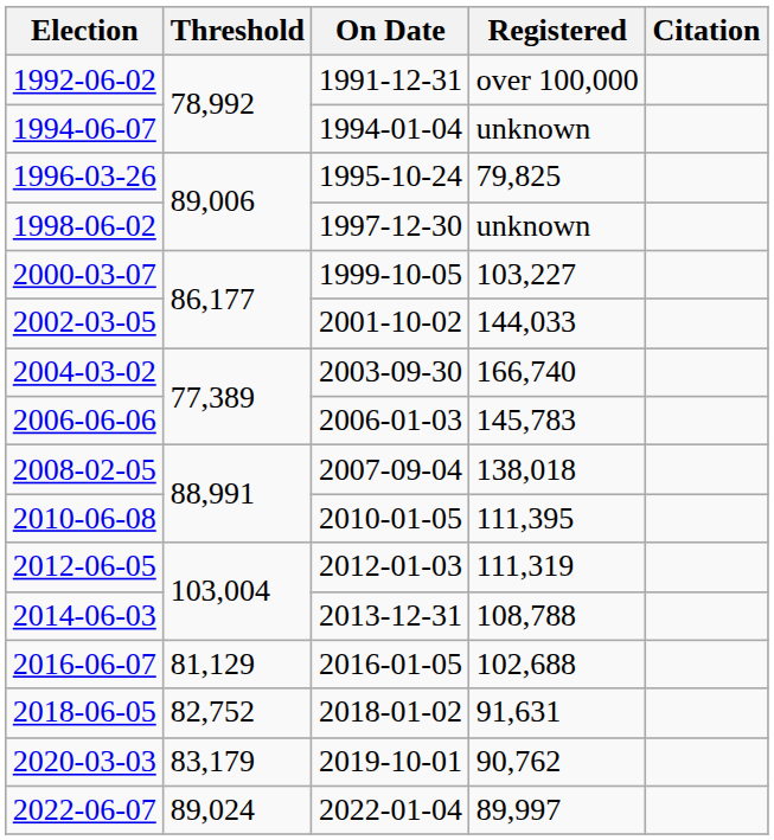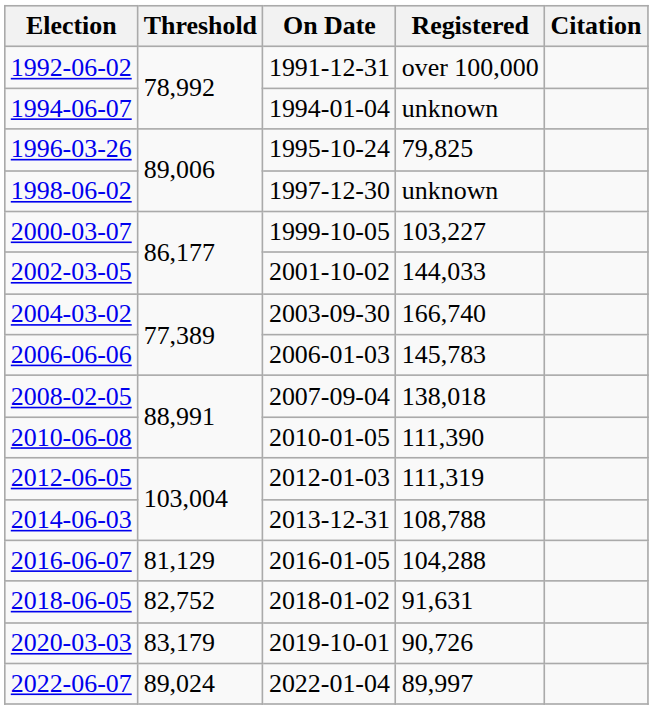 <table class="wikitable" style="float:left; margin-block:0.5em; margin-inline-end:1em">
 <tr>
 <th>Election</th>
 <th>Threshold</th>
 <th>On Date</th>
 <th>Registered</th>
 <th>Citation</th>
 </tr>
 <tr>
 <td><a href='#'>1992-06-02</a></td>
 <td rowspan=2>78,992</td>
 <td>1991-12-31</td>
 <td>over 100,000</td>
 <td></td>
 </tr>
 <tr>
 <td><a href='#'>1994-06-07</a></td>
 <td>1994-01-04</td>
 <td>unknown</td>
 <td></td>
 </tr>
 <tr>
 <td><a href='#'>1996-03-26</a></td>
 <td rowspan=2>89,006</td>
 <td>1995-10-24</td>
 <td>79,825</td>
 <td></td>
 </tr>
 <tr>
 <td><a href='#'>1998-06-02</a></td>
 <td>1997-12-30</td>
 <td>unknown</td>
 <td></td>
 </tr>
 <tr>
 <td><a href='#'>2000-03-07</a></td>
 <td rowspan=2>86,177</td>
 <td>1999-10-05</td>
 <td>103,227</td>
 <td></td>
 </tr>
 <tr>
 <td><a href='#'>2002-03-05</a></td>
 <td>2001-10-02</td>
 <td>144,033</td>
 <td></td>
 </tr>
 <tr>
 <td><a href='#'>2004-03-02</a></td>
 <td rowspan=2>77,389</td>
 <td>2003-09-30</td>
 <td>166,740</td>
 <td></td>
 </tr>
 <tr>
 <td><a href='#'>2006-06-06</a></td>
 <td>2006-01-03</td>
 <td>145,783</td>
 <td></td>
 </tr>
 <tr>
 <td><a href='#'>2008-02-05</a></td>
 <td rowspan=2>88,991</td>
 <td>2007-09-04</td>
 <td>138,018</td>
 <td></td>
 </tr>
 <tr>
 <td><a href='#'>2010-06-08</a></td>
 <td>2010-01-05</td>
-<td>111,395</td>
+<td>111,390</td>
 <td></td>
 </tr>
 <tr>
 <td><a href='#'>2012-06-05</a></td>
 <td rowspan=2>103,004</td>
 <td>2012-01-03</td>
 <td>111,319</td>
 <td></td>
 </tr>
 <tr>
 <td><a href='#'>2014-06-03</a></td>
 <td>2013-12-31</td>
 <td>108,788</td>
 <td></td>
 </tr>
 <tr>
 <td><a href='#'>2016-06-07</a></td>
 <td>81,129</td>
 <td>2016-01-05</td>
-<td>102,688</td>
+<td>104,288</td>
 <td></td>
 </tr>
 <tr>
 <td><a href='#'>2018-06-05</a></td>
 <td>82,752</td>
 <td>2018-01-02</td>
 <td>91,631</td>
 <td></td>
 </tr>
 <tr>
 <td><a href='#'>2020-03-03</a></td>
 <td>83,179</td>
 <td>2019-10-01</td>
-<td>90,762</td>
+<td>90,726</td>
 <td></td>
 </tr>
 <tr>
 <td><a href='#'>2022-06-07</a></td>
 <td>89,024</td>
 <td>2022-01-04</td>
 <td>89,997</td>
 <td></td>
 </tr>
 </table>
